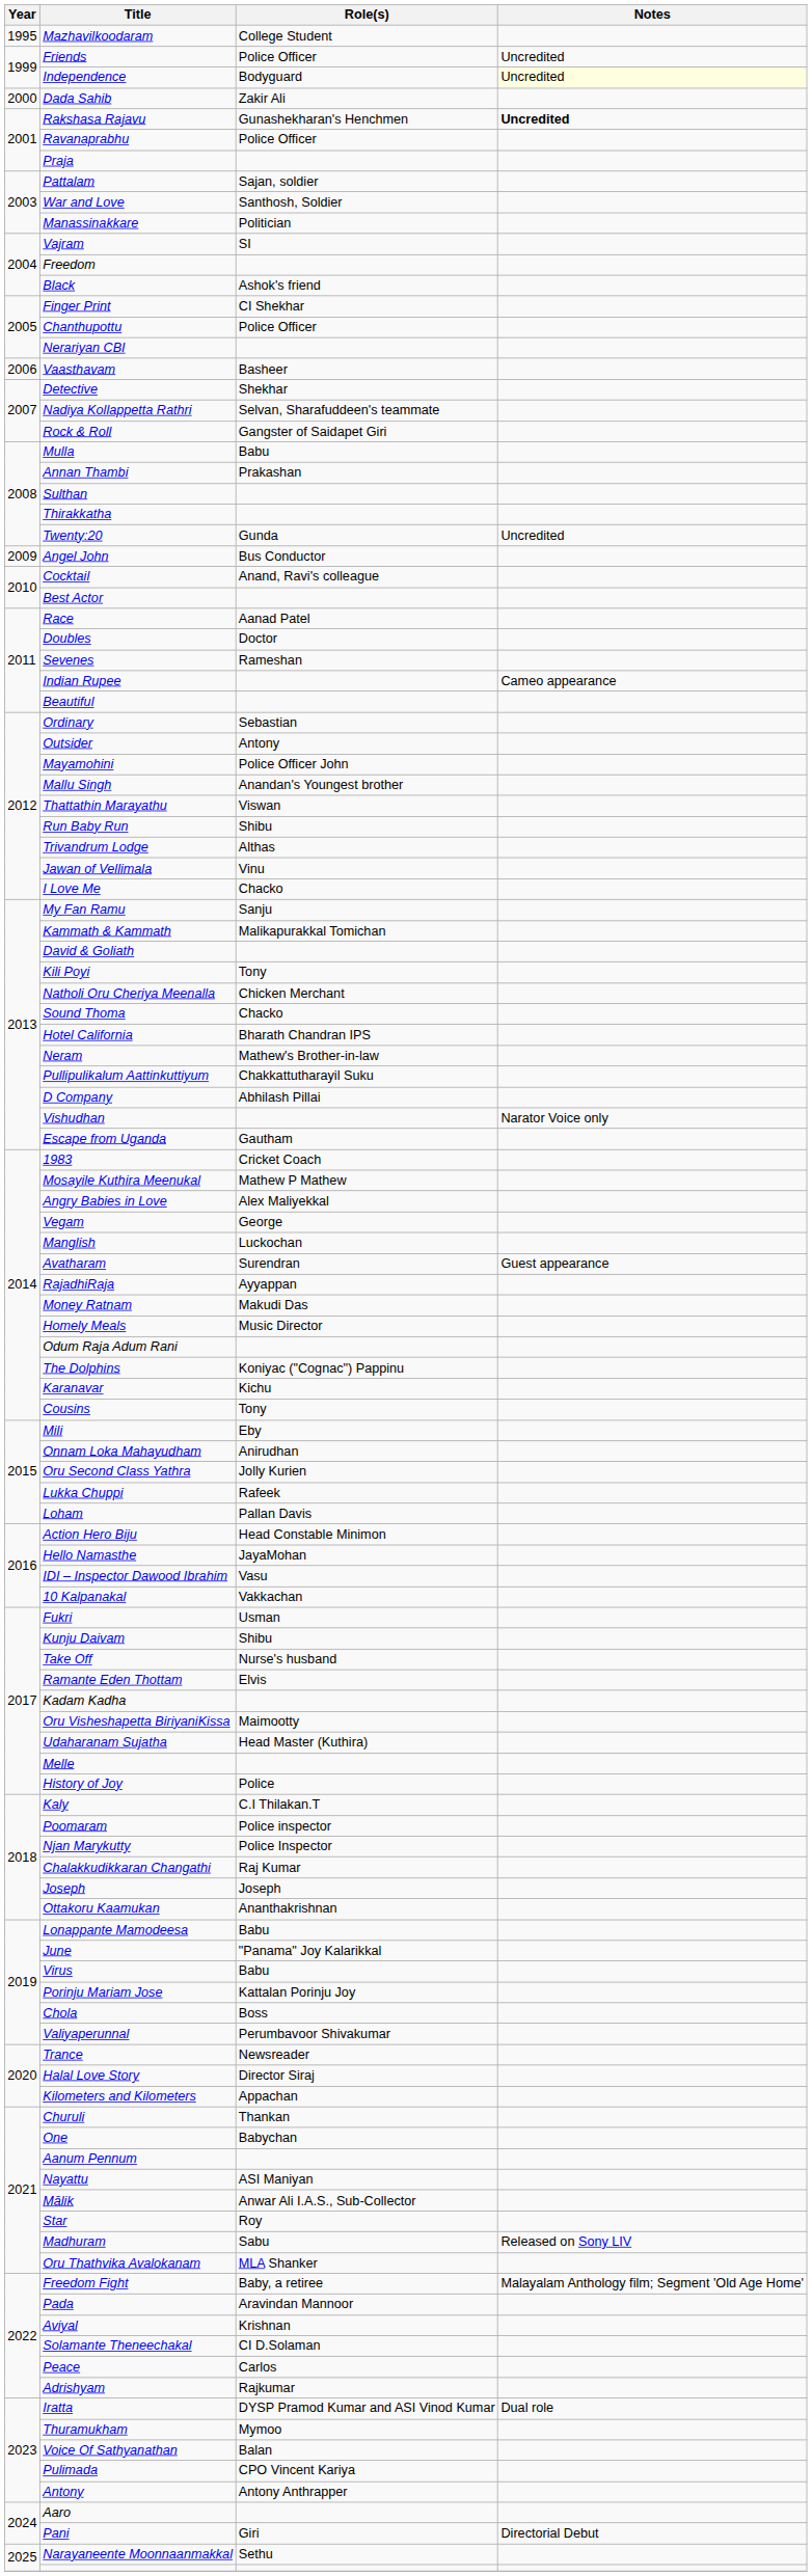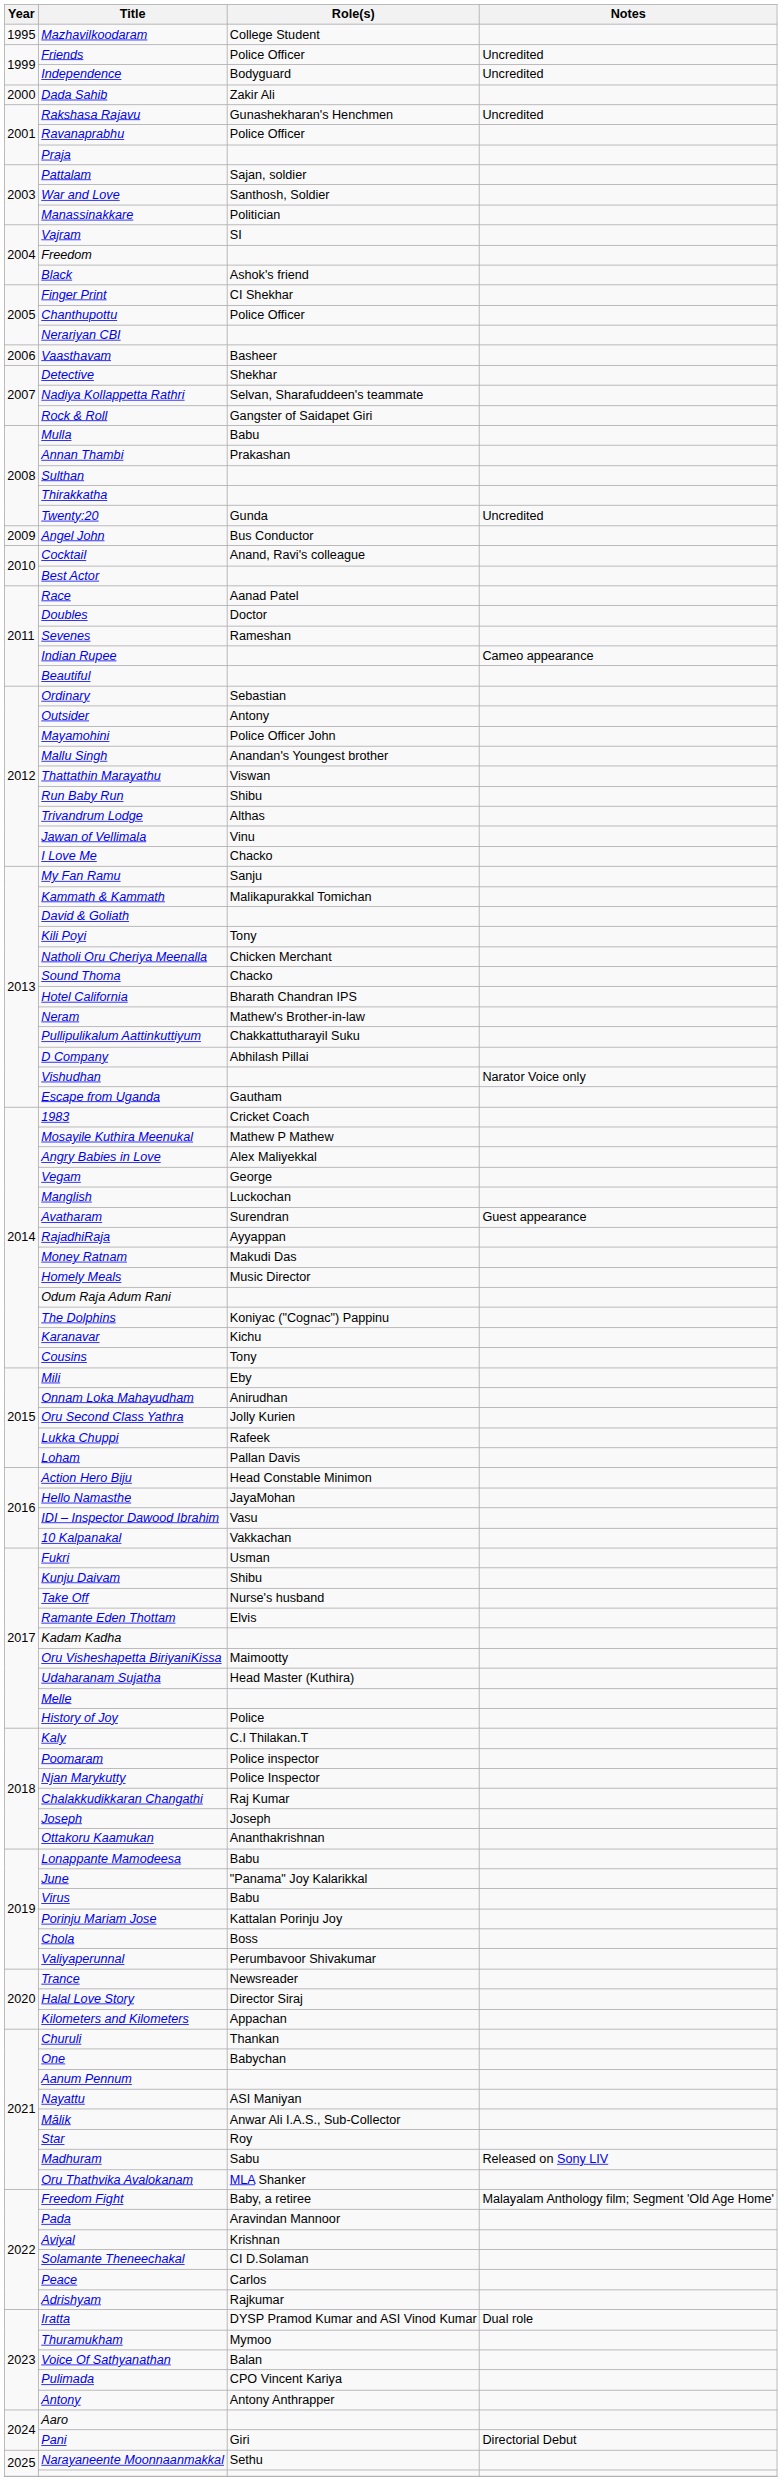 <table class="wikitable sortable">
 <tr>
 <th>Year</th>
 <th>Title</th>
 <th>Role(s)</th>
 <th class="unsortable">Notes</th>
 </tr>
 <tr>
 <td>1995</td>
 <td><em><a href='#'>Mazhavilkoodaram</a></em></td>
 <td>College Student</td>
 <td></td>
 </tr>
 <tr>
 <td rowspan='2'>1999</td>
 <td><em><a href='#'>Friends</a></em></td>
 <td>Police Officer</td>
 <td>Uncredited</td>
 </tr>
 <tr>
 <td><em><a href='#'>Independence</a></em></td>
 <td>Bodyguard</td>
-<td style="background: lightyellow;">Uncredited</td>
+<td>Uncredited</td>
 </tr>
 <tr>
 <td>2000</td>
 <td><em><a href='#'>Dada Sahib</a></em></td>
 <td>Zakir Ali</td>
 <td></td>
 </tr>
 <tr>
 <td rowspan='3'>2001</td>
 <td><em><a href='#'>Rakshasa Rajavu</a></em></td>
 <td>Gunashekharan's Henchmen</td>
-<td><strong>Uncredited</strong></td>
+<td>Uncredited</td>
 </tr>
 <tr>
 <td><em><a href='#'>Ravanaprabhu</a></em></td>
 <td>Police Officer</td>
 <td></td>
 </tr>
 <tr>
 <td><em><a href='#'>Praja</a></em></td>
 <td></td>
 <td></td>
 </tr>
 <tr>
 <td rowspan='3'>2003</td>
 <td><em><a href='#'>Pattalam</a></em></td>
 <td>Sajan, soldier</td>
 <td></td>
 </tr>
 <tr>
 <td><em><a href='#'>War and Love</a></em></td>
 <td>Santhosh, Soldier</td>
 <td></td>
 </tr>
 <tr>
 <td><em><a href='#'>Manassinakkare</a></em></td>
 <td>Politician</td>
 <td></td>
 </tr>
 <tr>
 <td rowspan='3'>2004</td>
 <td><em><a href='#'>Vajram</a></em></td>
 <td>SI</td>
 <td></td>
 </tr>
 <tr>
 <td><em>Freedom</em></td>
 <td></td>
 <td></td>
 </tr>
 <tr>
 <td><em><a href='#'>Black</a></em></td>
 <td>Ashok's friend</td>
 <td></td>
 </tr>
 <tr>
 <td rowspan='3'>2005</td>
 <td><em><a href='#'>Finger Print</a></em></td>
 <td>CI Shekhar</td>
 <td></td>
 </tr>
 <tr>
 <td><em><a href='#'>Chanthupottu</a></em></td>
 <td>Police Officer</td>
 <td></td>
 </tr>
 <tr>
 <td><em><a href='#'>Nerariyan CBI</a></em></td>
 <td></td>
 </tr>
 <tr>
 <td>2006</td>
 <td><em><a href='#'>Vaasthavam</a></em></td>
 <td>Basheer</td>
 <td></td>
 </tr>
 <tr>
 <td rowspan='3'>2007</td>
 <td><em><a href='#'>Detective</a></em></td>
 <td>Shekhar</td>
 <td></td>
 </tr>
 <tr>
 <td><em><a href='#'>Nadiya Kollappetta Rathri</a></em></td>
 <td>Selvan, Sharafuddeen's teammate</td>
 <td></td>
 </tr>
 <tr>
 <td><em><a href='#'>Rock & Roll</a></em></td>
 <td>Gangster of Saidapet Giri</td>
 <td></td>
 </tr>
 <tr>
 <td rowspan='5'>2008</td>
 <td><em><a href='#'>Mulla</a></em></td>
 <td>Babu</td>
 <td></td>
 </tr>
 <tr>
 <td><em><a href='#'>Annan Thambi</a></em></td>
 <td>Prakashan</td>
 <td></td>
 </tr>
 <tr>
 <td><em><a href='#'>Sulthan</a></em></td>
 <td></td>
 <td></td>
 </tr>
 <tr>
 <td><em><a href='#'>Thirakkatha</a></em></td>
 <td></td>
 <td></td>
 </tr>
 <tr>
 <td><em><a href='#'>Twenty:20</a></em></td>
 <td>Gunda</td>
 <td>Uncredited</td>
 </tr>
 <tr>
 <td>2009</td>
 <td><em><a href='#'>Angel John</a></em></td>
 <td>Bus Conductor</td>
 <td></td>
 </tr>
 <tr>
 <td rowspan='2'>2010</td>
 <td><em><a href='#'>Cocktail</a></em></td>
 <td>Anand, Ravi's colleague</td>
 <td></td>
 </tr>
 <tr>
 <td><em><a href='#'>Best Actor</a></em></td>
 <td></td>
 <td></td>
 </tr>
 <tr>
 <td rowspan='5'>2011</td>
 <td><em><a href='#'>Race</a></em></td>
 <td>Aanad Patel</td>
 <td></td>
 </tr>
 <tr>
 <td><em><a href='#'>Doubles</a></em></td>
 <td>Doctor</td>
 <td></td>
 </tr>
 <tr>
 <td><em><a href='#'>Sevenes</a></em></td>
 <td>Rameshan</td>
 <td></td>
 </tr>
 <tr>
 <td><em><a href='#'>Indian Rupee</a></em></td>
 <td></td>
 <td>Cameo appearance</td>
 </tr>
 <tr>
 <td><em><a href='#'>Beautiful</a></em></td>
 <td></td>
 <td></td>
 </tr>
 <tr>
 <td rowspan='9'>2012</td>
 <td><em><a href='#'>Ordinary</a></em></td>
 <td>Sebastian</td>
 <td></td>
 </tr>
 <tr>
 <td><em><a href='#'>Outsider</a></em></td>
 <td>Antony</td>
 <td></td>
 </tr>
 <tr>
 <td><em><a href='#'>Mayamohini</a></em></td>
 <td>Police Officer John</td>
 <td></td>
 </tr>
 <tr>
 <td><em><a href='#'>Mallu Singh</a></em></td>
 <td>Anandan's Youngest brother</td>
 <td></td>
 </tr>
 <tr>
 <td><em><a href='#'>Thattathin Marayathu</a></em></td>
 <td>Viswan</td>
 <td></td>
 </tr>
 <tr>
 <td><em><a href='#'>Run Baby Run</a></em></td>
 <td>Shibu</td>
 <td></td>
 </tr>
 <tr>
 <td><em><a href='#'>Trivandrum Lodge</a></em></td>
 <td>Althas</td>
 <td></td>
 </tr>
 <tr>
 <td><em><a href='#'>Jawan of Vellimala</a></em></td>
 <td>Vinu</td>
 <td></td>
 </tr>
 <tr>
 <td><em><a href='#'>I Love Me</a></em></td>
 <td>Chacko</td>
 <td></td>
 </tr>
 <tr>
 <td rowspan="12">2013</td>
 <td><em><a href='#'>My Fan Ramu</a></em></td>
 <td>Sanju</td>
 <td></td>
 </tr>
 <tr>
 <td><em><a href='#'>Kammath & Kammath</a></em></td>
 <td>Malikapurakkal Tomichan</td>
 <td></td>
 </tr>
 <tr>
 <td><em><a href='#'>David & Goliath</a></em></td>
 <td></td>
 <td></td>
 </tr>
 <tr>
 <td><em><a href='#'>Kili Poyi</a></em></td>
 <td>Tony</td>
 <td></td>
 </tr>
 <tr>
 <td><em><a href='#'>Natholi Oru Cheriya Meenalla</a></em></td>
 <td>Chicken Merchant</td>
 <td></td>
 </tr>
 <tr>
 <td><em><a href='#'>Sound Thoma</a></em></td>
 <td>Chacko</td>
 <td></td>
 </tr>
 <tr>
 <td><em><a href='#'>Hotel California</a></em></td>
 <td>Bharath Chandran IPS</td>
 <td></td>
 </tr>
 <tr>
 <td><em><a href='#'>Neram</a></em></td>
 <td>Mathew's Brother-in-law</td>
 <td></td>
 </tr>
 <tr>
 <td><em><a href='#'>Pullipulikalum Aattinkuttiyum</a></em></td>
 <td>Chakkattutharayil Suku</td>
 <td></td>
 </tr>
 <tr>
 <td><em><a href='#'>D Company</a></em></td>
 <td>Abhilash Pillai</td>
 <td></td>
 </tr>
 <tr>
 <td><em><a href='#'>Vishudhan</a></em></td>
 <td></td>
 <td>Narator Voice only</td>
 </tr>
 <tr>
 <td><em><a href='#'>Escape from Uganda</a></em></td>
 <td>Gautham</td>
 <td></td>
 </tr>
 <tr>
 <td rowspan= "13">2014</td>
 <td><em><a href='#'>1983</a></em></td>
 <td>Cricket Coach</td>
 <td></td>
 </tr>
 <tr>
 <td><em><a href='#'>Mosayile Kuthira Meenukal</a></em></td>
 <td>Mathew P Mathew</td>
 <td></td>
 </tr>
 <tr>
 <td><em><a href='#'>Angry Babies in Love</a></em></td>
 <td>Alex Maliyekkal</td>
 <td></td>
 </tr>
 <tr>
 <td><em><a href='#'>Vegam</a></em></td>
 <td>George</td>
 <td></td>
 </tr>
 <tr>
 <td><em><a href='#'>Manglish</a></em></td>
 <td>Luckochan</td>
 <td></td>
 </tr>
 <tr>
 <td><em><a href='#'>Avatharam</a></em></td>
 <td>Surendran</td>
 <td>Guest appearance</td>
 </tr>
 <tr>
 <td><em><a href='#'>RajadhiRaja</a></em></td>
 <td>Ayyappan</td>
 <td></td>
 </tr>
 <tr>
 <td><em><a href='#'>Money Ratnam</a></em></td>
 <td>Makudi Das</td>
 <td></td>
 </tr>
 <tr>
 <td><em><a href='#'>Homely Meals</a></em></td>
 <td>Music Director</td>
 <td></td>
 </tr>
 <tr>
 <td><em>Odum Raja Adum Rani</em></td>
 <td></td>
 <td></td>
 </tr>
 <tr>
 <td><em><a href='#'>The Dolphins</a></em></td>
 <td>Koniyac ("Cognac") Pappinu</td>
 <td></td>
 </tr>
 <tr>
 <td><em><a href='#'>Karanavar</a></em></td>
 <td>Kichu</td>
 <td></td>
 </tr>
 <tr>
 <td><em><a href='#'>Cousins</a></em></td>
 <td>Tony</td>
 <td></td>
 </tr>
 <tr>
 <td rowspan= "5">2015</td>
 <td><em><a href='#'>Mili</a></em></td>
 <td>Eby</td>
 <td></td>
 </tr>
 <tr>
 <td><em><a href='#'>Onnam Loka Mahayudham</a></em></td>
 <td>Anirudhan</td>
 <td></td>
 </tr>
 <tr>
 <td><em><a href='#'>Oru Second Class Yathra</a></em></td>
 <td>Jolly Kurien</td>
 <td></td>
 </tr>
 <tr>
 <td><em><a href='#'>Lukka Chuppi</a></em></td>
 <td>Rafeek</td>
 <td></td>
 </tr>
 <tr>
 <td><em><a href='#'>Loham</a></em></td>
 <td>Pallan Davis</td>
 <td></td>
 </tr>
 <tr>
 <td rowspan= "4">2016</td>
 <td><em><a href='#'>Action Hero Biju</a></em></td>
 <td>Head Constable Minimon</td>
 <td></td>
 </tr>
 <tr>
 <td><em><a href='#'>Hello Namasthe</a></em></td>
 <td>JayaMohan</td>
 <td></td>
 </tr>
 <tr>
 <td><em><a href='#'>IDI – Inspector Dawood Ibrahim</a></em></td>
 <td>Vasu</td>
 <td></td>
 </tr>
 <tr>
 <td><em><a href='#'>10 Kalpanakal</a></em></td>
 <td>Vakkachan</td>
 <td></td>
 </tr>
 <tr>
 <td rowspan='9'>2017</td>
 <td><em><a href='#'>Fukri</a></em></td>
 <td>Usman</td>
 <td></td>
 </tr>
 <tr>
 <td><em><a href='#'>Kunju Daivam</a></em></td>
 <td>Shibu</td>
 <td></td>
 </tr>
 <tr>
 <td><em><a href='#'>Take Off</a></em></td>
 <td>Nurse's husband</td>
 <td></td>
 </tr>
 <tr>
 <td><em><a href='#'>Ramante Eden Thottam</a></em></td>
 <td>Elvis</td>
 <td></td>
 </tr>
 <tr>
 <td><em>Kadam Kadha</em></td>
 <td></td>
 <td></td>
 </tr>
 <tr>
 <td><em><a href='#'>Oru Visheshapetta BiriyaniKissa</a></em></td>
 <td>Maimootty</td>
 <td></td>
 </tr>
 <tr>
 <td><em><a href='#'>Udaharanam Sujatha</a></em></td>
 <td>Head Master (Kuthira)</td>
 <td></td>
 </tr>
 <tr>
 <td><em><a href='#'>Melle</a></em></td>
 <td></td>
 <td></td>
 </tr>
 <tr>
 <td><em><a href='#'>History of Joy</a></em></td>
 <td>Police</td>
 <td></td>
 </tr>
 <tr>
 <td rowspan='6'>2018</td>
 <td><em><a href='#'>Kaly</a></em></td>
 <td>C.I Thilakan.T</td>
 <td></td>
 </tr>
 <tr>
 <td><em><a href='#'>Poomaram</a></em></td>
 <td>Police inspector</td>
 <td></td>
 </tr>
 <tr>
 <td><em><a href='#'>Njan Marykutty</a></em></td>
 <td>Police Inspector</td>
 <td></td>
 </tr>
 <tr>
 <td><em><a href='#'>Chalakkudikkaran Changathi</a></em></td>
 <td>Raj Kumar</td>
 <td></td>
 </tr>
 <tr>
 <td><em><a href='#'>Joseph</a></em></td>
 <td>Joseph</td>
 <td></td>
 </tr>
 <tr>
 <td><em><a href='#'>Ottakoru Kaamukan</a></em></td>
 <td>Ananthakrishnan</td>
 <td></td>
 </tr>
 <tr>
 <td rowspan="6">2019</td>
 <td><em><a href='#'>Lonappante Mamodeesa</a></em></td>
 <td>Babu</td>
 <td></td>
 </tr>
 <tr>
 <td><em><a href='#'>June</a></em></td>
 <td>"Panama" Joy Kalarikkal</td>
 <td></td>
 </tr>
 <tr>
 <td><em><a href='#'>Virus</a></em></td>
 <td>Babu</td>
 <td></td>
 </tr>
 <tr>
 <td><em><a href='#'>Porinju Mariam Jose</a></em></td>
 <td>Kattalan Porinju Joy</td>
 <td></td>
 </tr>
 <tr>
 <td><em><a href='#'>Chola</a></em></td>
 <td>Boss</td>
 <td></td>
 </tr>
 <tr>
 <td><em><a href='#'>Valiyaperunnal</a></em></td>
 <td>Perumbavoor Shivakumar</td>
 <td></td>
 </tr>
 <tr>
 <td rowspan="3">2020</td>
 <td><a href='#'><em>Trance</em></a></td>
 <td>Newsreader</td>
 <td></td>
 </tr>
 <tr>
 <td><em><a href='#'>Halal Love Story</a></em></td>
 <td>Director Siraj</td>
 <td></td>
 </tr>
 <tr>
 <td><em><a href='#'>Kilometers and Kilometers</a></em></td>
 <td>Appachan</td>
 <td></td>
 </tr>
 <tr>
 <td rowspan="8">2021</td>
 <td><em><a href='#'>Churuli</a></em></td>
 <td>Thankan</td>
 <td></td>
 </tr>
 <tr>
 <td><em><a href='#'>One</a></em></td>
 <td>Babychan</td>
 <td></td>
 </tr>
 <tr>
 <td><em><a href='#'>Aanum Pennum</a></em></td>
 <td></td>
 <td></td>
 </tr>
 <tr>
 <td><em><a href='#'>Nayattu</a></em></td>
 <td>ASI Maniyan</td>
 <td></td>
 </tr>
 <tr>
 <td><em><a href='#'>Mālik</a></em></td>
 <td>Anwar Ali I.A.S., Sub-Collector</td>
 <td></td>
 </tr>
 <tr>
 <td><em><a href='#'>Star</a></em></td>
 <td>Roy</td>
 <td></td>
 </tr>
 <tr>
 <td><em><a href='#'>Madhuram</a></em></td>
 <td>Sabu</td>
 <td>Released on <a href='#'>Sony LIV</a></td>
 </tr>
 <tr>
 <td><em><a href='#'>Oru Thathvika Avalokanam</a></em></td>
 <td><a href='#'>MLA</a> Shanker</td>
 <td></td>
 </tr>
 <tr>
 <td rowspan=6>2022</td>
 <td><em><a href='#'>Freedom Fight</a></em></td>
 <td>Baby, a retiree</td>
 <td>Malayalam Anthology film; Segment 'Old Age Home'</td>
 </tr>
 <tr>
 <td><em><a href='#'>Pada</a></em></td>
 <td>Aravindan Mannoor</td>
 <td></td>
 </tr>
 <tr>
 <td><em><a href='#'>Aviyal</a></em></td>
 <td>Krishnan</td>
 <td></td>
 </tr>
 <tr>
 <td><em><a href='#'>Solamante Theneechakal</a></em></td>
 <td>CI D.Solaman</td>
 <td></td>
 </tr>
 <tr>
 <td><em><a href='#'>Peace</a></em></td>
 <td>Carlos</td>
 <td></td>
 </tr>
 <tr>
 <td><em><a href='#'>Adrishyam</a></em></td>
 <td>Rajkumar</td>
 <td></td>
 </tr>
 <tr>
 <td rowspan="5">2023</td>
 <td><em><a href='#'>Iratta</a></em></td>
 <td>DYSP Pramod Kumar and ASI Vinod Kumar</td>
 <td>Dual role</td>
 </tr>
 <tr>
 <td><em><a href='#'>Thuramukham</a></em></td>
 <td>Mymoo</td>
 <td></td>
 </tr>
 <tr>
 <td><em><a href='#'>Voice Of Sathyanathan</a></em></td>
 <td>Balan</td>
 <td></td>
 </tr>
 <tr>
 <td><em><a href='#'>Pulimada</a></em></td>
 <td>CPO Vincent Kariya</td>
 <td></td>
 </tr>
 <tr>
 <td><em><a href='#'>Antony</a></em></td>
 <td>Antony Anthrapper</td>
 <td></td>
 </tr>
 <tr>
 <td rowspan=2>2024</td>
 <td><em>Aaro</em></td>
 <td></td>
 <td></td>
 </tr>
 <tr>
 <td><em><a href='#'>Pani</a></em></td>
 <td>Giri</td>
 <td> Directorial Debut</td>
 </tr>
 <tr>
 <td rowspan=2>2025</td>
 <td><em><a href='#'>Narayaneente Moonnaanmakkal</a></em></td>
 <td>Sethu</td>
 <td></td>
 </tr>
 <tr>
 <td></td>
 <td></td>
 <td></td>
 </tr>
 <tr>
 </tr>
 </table>
